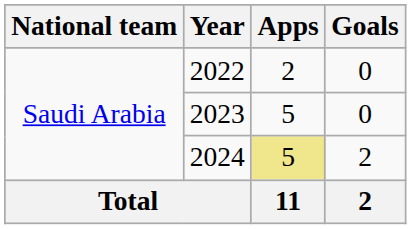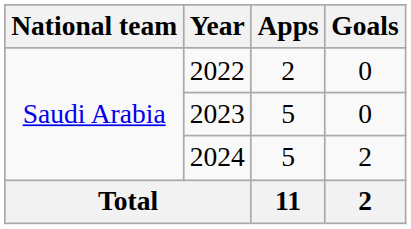 <table class="wikitable" style="text-align:center">
 <tr>
 <th>National team</th>
 <th>Year</th>
 <th>Apps</th>
 <th>Goals</th>
 </tr>
 <tr>
 <td rowspan="3"><a href='#'>Saudi Arabia</a></td>
 <td>2022</td>
 <td>2</td>
 <td>0</td>
 </tr>
 <tr>
 <td>2023</td>
 <td>5</td>
 <td>0</td>
 </tr>
 <tr>
 <td>2024</td>
-<td style="background: khaki;">5</td>
+<td>5</td>
 <td>2</td>
 </tr>
 <tr>
 <th colspan="2">Total</th>
 <th>11</th>
 <th>2</th>
 </tr>
 </table>
